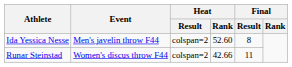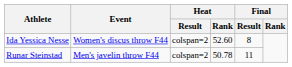 <table class=wikitable style="font-size:90%;">
 <tr>
 <th rowspan="2">Athlete</th>
 <th rowspan="2">Event</th>
 <th colspan="2">Heat</th>
 <th colspan="2">Final</th>
 </tr>
 <tr>
 <th>Result</th>
 <th>Rank</th>
 <th>Result</th>
 <th>Rank</th>
 </tr>
 <tr>
 <td><a href='#'>Ida Yessica Nesse</a></td>
-<td><a href='#'>Men's javelin throw F44</a></td>
+<td><a href='#'>Women's discus throw F44</a></td>
 <td>colspan=2 </td>
 <td align=center>52.60</td>
 <td align=center>8</td>
 </tr>
 <tr>
 <td><a href='#'>Runar Steinstad</a></td>
-<td><a href='#'>Women's discus throw F44</a></td>
+<td><a href='#'>Men's javelin throw F44</a></td>
 <td>colspan=2 </td>
-<td align=center>42.66</td>
+<td align=center>50.78</td>
 <td align=center>11</td>
 </tr>
 </table>
